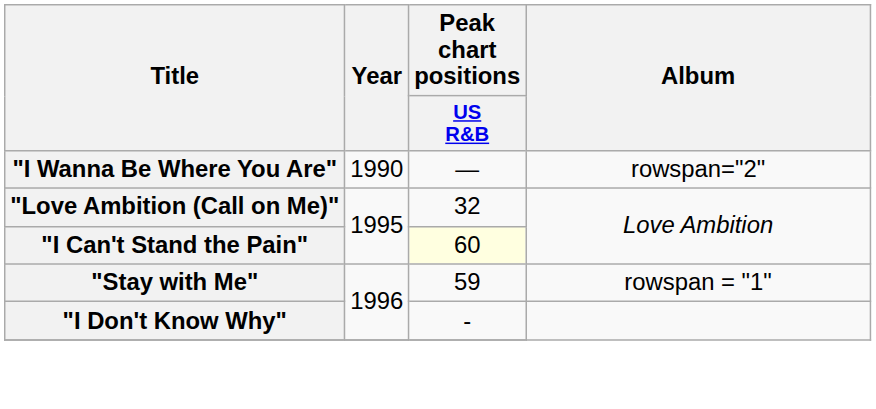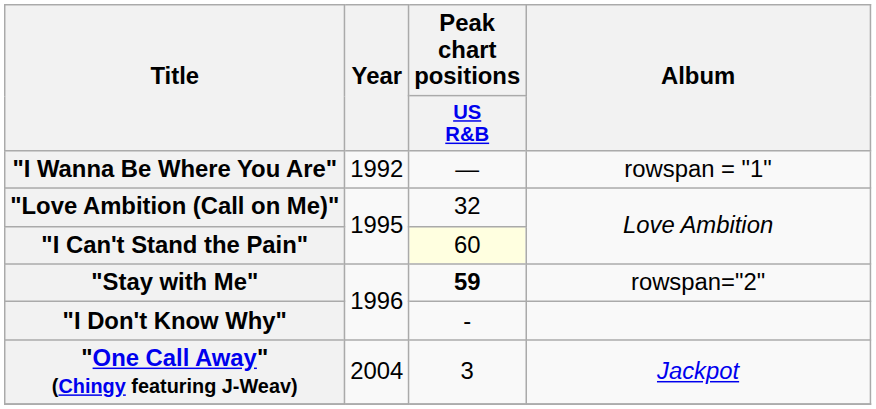 <table class="wikitable plainrowheaders" style="text-align:center;">
 <tr>
 <th scope="col" rowspan="2">Title</th>
 <th scope="col" rowspan="2" style="width:2em;">Year</th>
 <th scope="col" colspan="1">Peak chart positions</th>
 <th scope="col" rowspan="2" style="width:14em;">Album</th>
 </tr>
 <tr>
 <th style="width:3em;font-size:85%"><a href='#'>US<br>R&B</a><br></th>
 </tr>
 <tr>
 <th scope="row">"I Wanna Be Where You Are"</th>
-<td rowspan="1">1990</td>
+<td rowspan="1">1992</td>
 <td>—</td>
-<td>rowspan="2" </td>
+<td>rowspan = "1" </td>
 </tr>
 <tr>
 <th scope="row">"Love Ambition (Call on Me)"</th>
 <td rowspan="2">1995</td>
 <td>32</td>
 <td align="center" rowspan="2"><em>Love Ambition</em></td>
 </tr>
 <tr>
 <th scope="row">"I Can't Stand the Pain"</th>
 <td style="background: lightyellow;">60</td>
 </tr>
 <tr>
 <th scope="row">"Stay with Me"</th>
 <td rowspan="2">1996</td>
-<td>59</td>
-<td>rowspan = "1" </td>
+<td><strong>59</strong></td>
+<td>rowspan="2" </td>
 </tr>
 <tr>
 <th scope="row">"I Don't Know Why"</th>
 <td>-</td>
 </tr>
 <tr>
+<th scope="row">"<a href='#'>One Call Away</a>" <br><small>(<a href='#'>Chingy</a> featuring J-Weav)</small></th>
+<td rowspan="1">2004</td>
+<td>3</td>
+<td align="center" rowspan="1"><em><a href='#'>Jackpot</a></em></td>
+</tr>
+<tr>
 </tr>
 </table>
